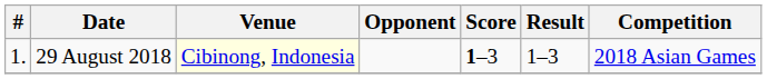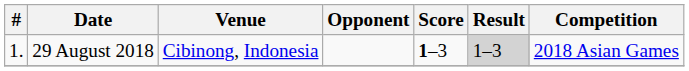 <table class="wikitable collapsible collapsed">
 <tr>
 <th>#</th>
 <th>Date</th>
 <th>Venue</th>
 <th>Opponent</th>
 <th>Score</th>
 <th>Result</th>
 <th>Competition</th>
 </tr>
 <tr>
 <td>1.</td>
 <td>29 August 2018</td>
-<td style="background: lightyellow;"><a href='#'>Cibinong</a>, <a href='#'>Indonesia</a></td>
+<td><a href='#'>Cibinong</a>, <a href='#'>Indonesia</a></td>
 <td></td>
 <td><strong>1</strong>–3</td>
-<td>1–3</td>
+<td style="background: lightgrey;">1–3</td>
 <td><a href='#'>2018 Asian Games</a></td>
 </tr>
 <tr>
 </tr>
 </table>
